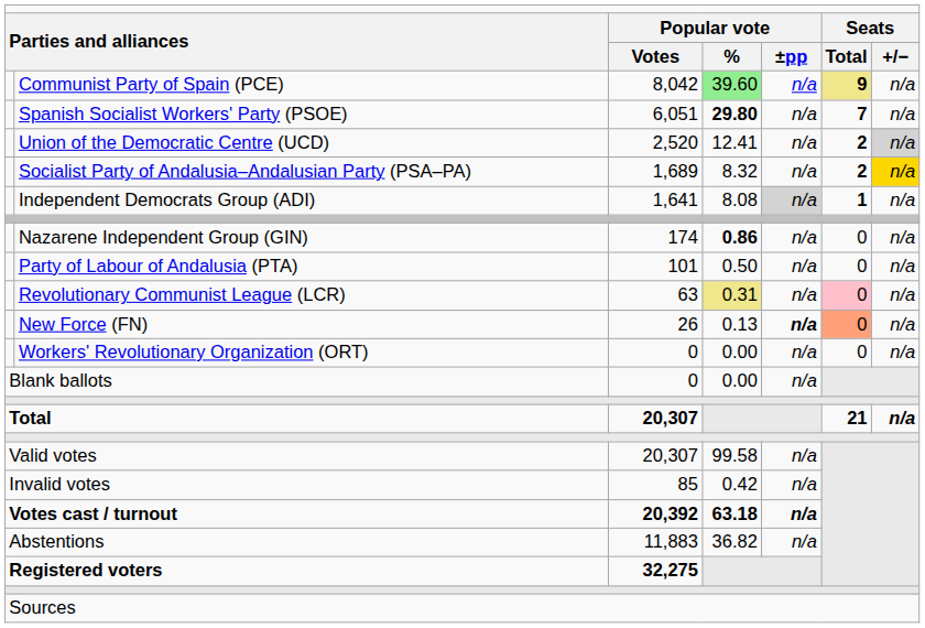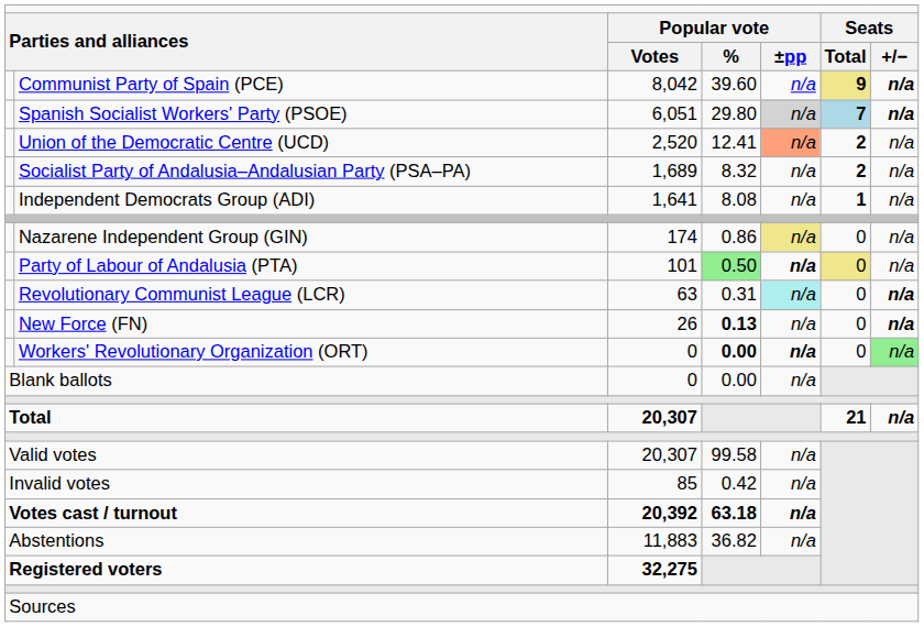 <table class="wikitable" style="text-align:right;">
 <tr>
 <td colspan="7"></td>
 </tr>
 <tr>
 <th style="text-align:left;" rowspan="2" colspan="2" width="525">Parties and alliances</th>
 <th colspan="3">Popular vote</th>
 <th colspan="2">Seats</th>
 </tr>
 <tr>
 <th width="75">Votes</th>
 <th width="45">%</th>
 <th width="45">±<a href='#'>pp</a></th>
 <th width="35">Total</th>
 <th width="35">+/−</th>
 </tr>
 <tr>
 <td width="1" style="color:inherit;background:"></td>
 <td align="left"><a href='#'>Communist Party of Spain</a> (PCE)</td>
 <td>8,042</td>
-<td style="background: lightgreen;">39.60</td>
+<td>39.60</td>
 <td><em><a href='#'>n/a</a></em></td>
 <td style="background: khaki;"><strong>9</strong></td>
-<td><em>n/a</em></td>
+<td><strong><em>n/a</em></strong></td>
 </tr>
 <tr>
 <td style="color:inherit;background:"></td>
 <td align="left"><a href='#'>Spanish Socialist Workers' Party</a> (PSOE)</td>
 <td>6,051</td>
-<td><strong>29.80</strong></td>
-<td><em>n/a</em></td>
-<td><strong>7</strong></td>
-<td><em>n/a</em></td>
+<td>29.80</td>
+<td style="background: lightgrey;"><em>n/a</em></td>
+<td style="background: lightblue;"><strong>7</strong></td>
+<td><strong><em>n/a</em></strong></td>
 </tr>
 <tr>
 <td style="color:inherit;background:"></td>
 <td align="left"><a href='#'>Union of the Democratic Centre</a> (UCD)</td>
 <td>2,520</td>
 <td>12.41</td>
+<td style="background: lightsalmon;"><em>n/a</em></td>
+<td><strong>2</strong></td>
 <td><em>n/a</em></td>
-<td><strong>2</strong></td>
-<td style="background: lightgrey;"><em>n/a</em></td>
 </tr>
 <tr>
 <td style="color:inherit;background:"></td>
 <td align="left"><a href='#'>Socialist Party of Andalusia–Andalusian Party</a> (PSA–PA)</td>
 <td>1,689</td>
 <td>8.32</td>
 <td><em>n/a</em></td>
 <td><strong>2</strong></td>
-<td style="background: gold;"><em>n/a</em></td>
+<td><em>n/a</em></td>
 </tr>
 <tr>
 <td style="color:inherit;background:"></td>
 <td align="left">Independent Democrats Group (ADI)</td>
 <td>1,641</td>
 <td>8.08</td>
-<td style="background: lightgrey;"><em>n/a</em></td>
+<td><em>n/a</em></td>
 <td><strong>1</strong></td>
 <td><em>n/a</em></td>
 </tr>
 <tr>
 <td colspan="7" bgcolor="#C0C0C0"></td>
 </tr>
 <tr>
 <td style="color:inherit;background:"></td>
 <td align="left">Nazarene Independent Group (GIN)</td>
 <td>174</td>
-<td><strong>0.86</strong></td>
-<td><em>n/a</em></td>
+<td>0.86</td>
+<td style="background: khaki;"><em>n/a</em></td>
 <td>0</td>
 <td><em>n/a</em></td>
 </tr>
 <tr>
 <td style="color:inherit;background:"></td>
 <td align="left"><a href='#'>Party of Labour of Andalusia</a> (PTA)</td>
 <td>101</td>
-<td>0.50</td>
-<td><em>n/a</em></td>
-<td>0</td>
+<td style="background: lightgreen;">0.50</td>
+<td><strong><em>n/a</em></strong></td>
+<td style="background: khaki;">0</td>
 <td><em>n/a</em></td>
 </tr>
 <tr>
 <td style="color:inherit;background:"></td>
 <td align="left"><a href='#'>Revolutionary Communist League</a> (LCR)</td>
 <td>63</td>
-<td style="background: khaki;">0.31</td>
-<td><em>n/a</em></td>
-<td style="background: pink;">0</td>
-<td><em>n/a</em></td>
+<td>0.31</td>
+<td style="background: paleturquoise;"><em>n/a</em></td>
+<td>0</td>
+<td><strong><em>n/a</em></strong></td>
 </tr>
 <tr>
 <td style="color:inherit;background:"></td>
 <td align="left"><a href='#'>New Force</a> (FN)</td>
 <td>26</td>
-<td>0.13</td>
+<td><strong>0.13</strong></td>
+<td><em>n/a</em></td>
+<td>0</td>
 <td><strong><em>n/a</em></strong></td>
-<td style="background: lightsalmon;">0</td>
-<td><em>n/a</em></td>
 </tr>
 <tr>
 <td style="color:inherit;background:"></td>
 <td align="left"><a href='#'>Workers' Revolutionary Organization</a> (ORT)</td>
 <td>0</td>
-<td>0.00</td>
-<td><em>n/a</em></td>
+<td><strong>0.00</strong></td>
+<td><strong><em>n/a</em></strong></td>
 <td>0</td>
-<td><em>n/a</em></td>
+<td style="background: lightgreen;"><em>n/a</em></td>
 </tr>
 <tr>
 <td align="left" colspan="2">Blank ballots</td>
 <td>0</td>
 <td>0.00</td>
 <td><em>n/a</em></td>
 <td bgcolor="#E9E9E9" colspan="2"></td>
 </tr>
 <tr>
 <td colspan="7" bgcolor="#E9E9E9"></td>
 </tr>
 <tr style="font-weight:bold;">
 <td align="left" colspan="2">Total</td>
 <td>20,307</td>
 <td bgcolor="#E9E9E9" colspan="2"></td>
 <td>21</td>
 <td><em>n/a</em></td>
 </tr>
 <tr>
 <td colspan="7" bgcolor="#E9E9E9"></td>
 </tr>
 <tr>
 <td align="left" colspan="2">Valid votes</td>
 <td>20,307</td>
 <td>99.58</td>
 <td><em>n/a</em></td>
 <td bgcolor="#E9E9E9" colspan="2" rowspan="5"></td>
 </tr>
 <tr>
 <td align="left" colspan="2">Invalid votes</td>
 <td>85</td>
 <td>0.42</td>
 <td><em>n/a</em></td>
 </tr>
 <tr style="font-weight:bold;">
 <td align="left" colspan="2">Votes cast / turnout</td>
 <td>20,392</td>
 <td>63.18</td>
 <td><em>n/a</em></td>
 </tr>
 <tr>
 <td align="left" colspan="2">Abstentions</td>
 <td>11,883</td>
 <td>36.82</td>
 <td><em>n/a</em></td>
 </tr>
 <tr style="font-weight:bold;">
 <td align="left" colspan="2">Registered voters</td>
 <td>32,275</td>
 <td bgcolor="#E9E9E9" colspan="2"></td>
 </tr>
 <tr>
 <td colspan="7" bgcolor="#E9E9E9"></td>
 </tr>
 <tr>
 <td align="left" colspan="7">Sources</td>
 </tr>
 </table>
